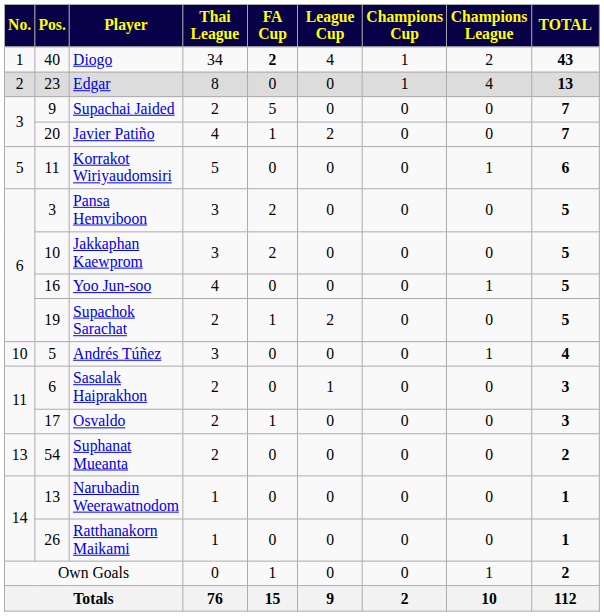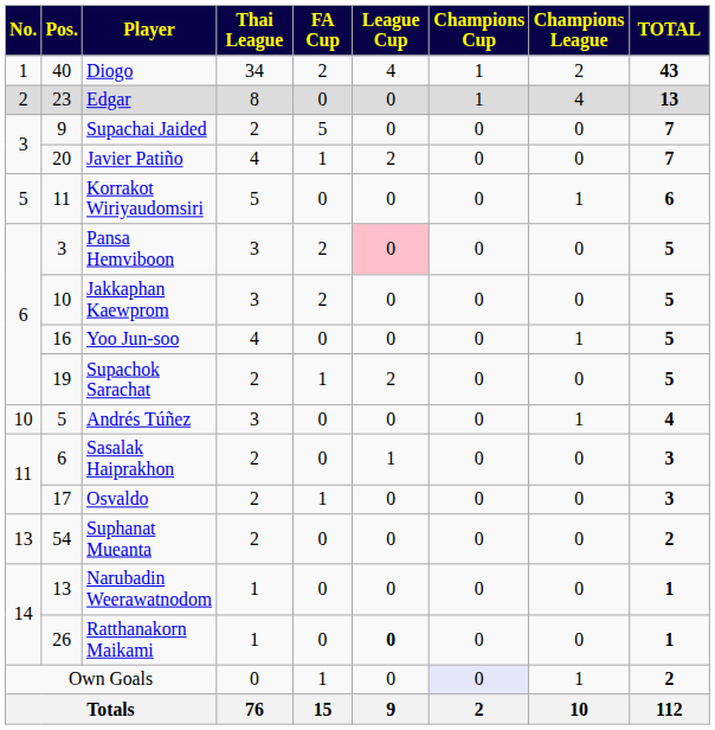 <table class="wikitable sortable alternance" style="text-align: center;">
 <tr>
 <th style="background:#090148; color:yellow; text-align:center;"><strong>No.</strong></th>
 <th style="background:#090148; color:yellow; text-align:center;"><strong>Pos.</strong></th>
 <th style="background:#090148; color:yellow; text-align:center;"><strong>Player</strong></th>
 <th width=80 style="background:#090148; color: yellow; text-align:center;">Thai League</th>
 <th width=80 style="background:#090148; color: yellow; text-align:center;">FA Cup</th>
 <th width=80 style="background:#090148; color: yellow; text-align:center;">League Cup</th>
 <th width=80 style="background:#090148; color: yellow; text-align:center;">Champions Cup</th>
 <th width=80 style="background:#090148; color: yellow; text-align:center;">Champions League</th>
 <th width=80 style="background:#090148; color: yellow; text-align:center;">TOTAL</th>
 </tr>
 <tr>
 <td>1</td>
 <td>40</td>
 <td align=left> <a href='#'>Diogo</a></td>
 <td>34</td>
-<td><strong>2</strong></td>
+<td>2</td>
 <td>4</td>
 <td>1</td>
 <td>2</td>
 <td><strong>43</strong></td>
 </tr>
 <tr bgcolor=DCDCDC>
 <td>2</td>
 <td>23</td>
 <td align=left> <a href='#'>Edgar</a></td>
 <td>8</td>
 <td>0</td>
 <td>0</td>
 <td>1</td>
 <td>4</td>
 <td><strong>13</strong></td>
 </tr>
 <tr>
 <td rowspan=2>3</td>
 <td>9</td>
 <td align=left> <a href='#'>Supachai Jaided</a></td>
 <td>2</td>
 <td>5</td>
 <td>0</td>
 <td>0</td>
 <td>0</td>
 <td><strong>7</strong></td>
 </tr>
 <tr>
 <td>20</td>
 <td align=left> <a href='#'>Javier Patiño</a></td>
 <td>4</td>
 <td>1</td>
 <td>2</td>
 <td>0</td>
 <td>0</td>
 <td><strong>7</strong></td>
 </tr>
 <tr>
 <td>5</td>
 <td>11</td>
 <td align=left> <a href='#'>Korrakot Wiriyaudomsiri</a></td>
 <td>5</td>
 <td>0</td>
 <td>0</td>
 <td>0</td>
 <td>1</td>
 <td><strong>6</strong></td>
 </tr>
 <tr>
 <td rowspan=4>6</td>
 <td>3</td>
 <td align=left> <a href='#'>Pansa Hemviboon</a></td>
 <td>3</td>
 <td>2</td>
-<td>0</td>
+<td style="background: pink;">0</td>
 <td>0</td>
 <td>0</td>
 <td><strong>5</strong></td>
 </tr>
 <tr>
 <td>10</td>
 <td align=left> <a href='#'>Jakkaphan Kaewprom</a></td>
 <td>3</td>
 <td>2</td>
 <td>0</td>
 <td>0</td>
 <td>0</td>
 <td><strong>5</strong></td>
 </tr>
 <tr>
 <td>16</td>
 <td align=left> <a href='#'>Yoo Jun-soo</a></td>
 <td>4</td>
 <td>0</td>
 <td>0</td>
 <td>0</td>
 <td>1</td>
 <td><strong>5</strong></td>
 </tr>
 <tr>
 <td>19</td>
 <td align=left> <a href='#'>Supachok Sarachat</a></td>
 <td>2</td>
 <td>1</td>
 <td>2</td>
 <td>0</td>
 <td>0</td>
 <td><strong>5</strong></td>
 </tr>
 <tr>
 <td>10</td>
 <td>5</td>
 <td align=left> <a href='#'>Andrés Túñez</a></td>
 <td>3</td>
 <td>0</td>
 <td>0</td>
 <td>0</td>
 <td>1</td>
 <td><strong>4</strong></td>
 </tr>
 <tr>
 <td rowspan=2>11</td>
 <td>6</td>
 <td align=left> <a href='#'>Sasalak Haiprakhon</a></td>
 <td>2</td>
 <td>0</td>
 <td>1</td>
 <td>0</td>
 <td>0</td>
 <td><strong>3</strong></td>
 </tr>
 <tr>
 <td>17</td>
 <td align=left> <a href='#'>Osvaldo</a></td>
 <td>2</td>
 <td>1</td>
 <td>0</td>
 <td>0</td>
 <td>0</td>
 <td><strong>3</strong></td>
 </tr>
 <tr>
 <td>13</td>
 <td>54</td>
 <td align=left> <a href='#'>Suphanat Mueanta</a></td>
 <td>2</td>
 <td>0</td>
 <td>0</td>
 <td>0</td>
 <td>0</td>
 <td><strong>2</strong></td>
 </tr>
 <tr>
 <td rowspan=2>14</td>
 <td>13</td>
 <td align=left> <a href='#'>Narubadin Weerawatnodom</a></td>
 <td>1</td>
 <td>0</td>
 <td>0</td>
 <td>0</td>
 <td>0</td>
 <td><strong>1</strong></td>
 </tr>
 <tr>
 <td>26</td>
 <td align=left> <a href='#'>Ratthanakorn Maikami</a></td>
 <td>1</td>
 <td>0</td>
-<td>0</td>
+<td><strong>0</strong></td>
 <td>0</td>
 <td>0</td>
 <td><strong>1</strong></td>
 </tr>
 <tr class="sortbottom">
 <td colspan="3">Own Goals</td>
 <td>0</td>
 <td>1</td>
 <td>0</td>
-<td>0</td>
+<td style="background: lavender;">0</td>
 <td>1</td>
 <td><strong>2</strong></td>
 </tr>
 <tr class="sortbottom">
 <th colspan="3"><strong>Totals</strong></th>
 <th>76</th>
 <th>15</th>
 <th>9</th>
 <th>2</th>
 <th>10</th>
 <th>112</th>
 </tr>
 </table>
